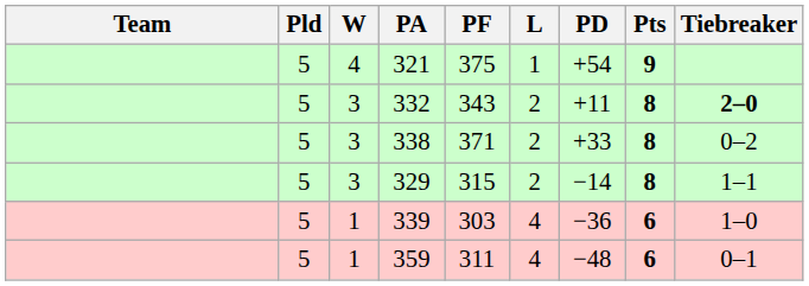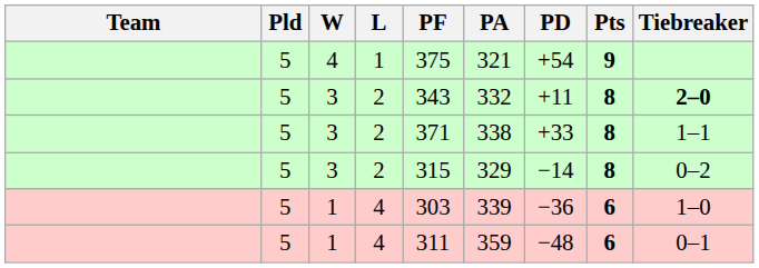 <table class="wikitable" style="text-align:center;">
 <tr>
 <th width=170>Team</th>
 <th width=25>Pld</th>
 <th width=25>W</th>
+<th width=25>L</th>
+<th width=35>PF</th>
 <th width=35>PA</th>
-<th width=35>PF</th>
-<th width=25>L</th>
 <th width=35>PD</th>
 <th width=25>Pts</th>
 <th width=50>Tiebreaker</th>
 </tr>
 <tr bgcolor=ccffcc>
 <td align="left"></td>
 <td>5</td>
 <td>4</td>
+<td>1</td>
+<td>375</td>
 <td>321</td>
-<td>375</td>
-<td>1</td>
 <td>+54</td>
 <td><strong>9</strong></td>
 <td></td>
 </tr>
 <tr bgcolor=ccffcc>
 <td align="left"></td>
 <td>5</td>
 <td>3</td>
+<td>2</td>
+<td>343</td>
 <td>332</td>
-<td>343</td>
-<td>2</td>
 <td>+11</td>
 <td><strong>8</strong></td>
 <td><strong>2–0</strong></td>
 </tr>
 <tr bgcolor=ccffcc>
 <td align="left"></td>
 <td>5</td>
 <td>3</td>
+<td>2</td>
+<td>371</td>
 <td>338</td>
-<td>371</td>
-<td>2</td>
 <td>+33</td>
 <td><strong>8</strong></td>
-<td>0–2</td>
+<td>1–1</td>
 </tr>
 <tr bgcolor=ccffcc>
 <td align="left"></td>
 <td>5</td>
 <td>3</td>
+<td>2</td>
+<td>315</td>
 <td>329</td>
-<td>315</td>
-<td>2</td>
 <td>−14</td>
 <td><strong>8</strong></td>
-<td>1–1</td>
+<td>0–2</td>
 </tr>
 <tr bgcolor=ffcccc>
 <td align="left"></td>
 <td>5</td>
 <td>1</td>
+<td>4</td>
+<td>303</td>
 <td>339</td>
-<td>303</td>
-<td>4</td>
 <td>−36</td>
 <td><strong>6</strong></td>
 <td>1–0</td>
 </tr>
 <tr bgcolor=ffcccc>
 <td align="left"></td>
 <td>5</td>
 <td>1</td>
+<td>4</td>
+<td>311</td>
 <td>359</td>
-<td>311</td>
-<td>4</td>
 <td>−48</td>
 <td><strong>6</strong></td>
 <td>0–1</td>
 </tr>
 </table>
